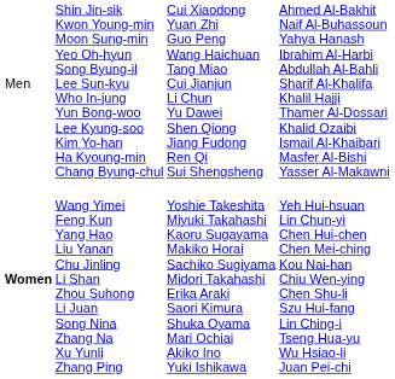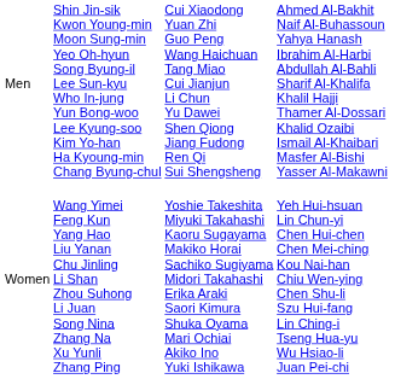 <table>
 <tr>
 <td>Men<br></td>
 <td><br><a href='#'>Shin Jin-sik</a><br><a href='#'>Kwon Young-min</a><br><a href='#'>Moon Sung-min</a><br><a href='#'>Yeo Oh-hyun</a><br><a href='#'>Song Byung-il</a><br><a href='#'>Lee Sun-kyu</a><br><a href='#'>Who In-jung</a><br><a href='#'>Yun Bong-woo</a><br><a href='#'>Lee Kyung-soo</a><br><a href='#'>Kim Yo-han</a><br><a href='#'>Ha Kyoung-min</a><br><a href='#'>Chang Byung-chul</a></td>
 <td><br><a href='#'>Cui Xiaodong</a><br><a href='#'>Yuan Zhi</a><br><a href='#'>Guo Peng</a><br><a href='#'>Wang Haichuan</a><br><a href='#'>Tang Miao</a><br><a href='#'>Cui Jianjun</a><br><a href='#'>Li Chun</a><br><a href='#'>Yu Dawei</a><br><a href='#'>Shen Qiong</a><br><a href='#'>Jiang Fudong</a><br><a href='#'>Ren Qi</a><br><a href='#'>Sui Shengsheng</a></td>
 <td><br><a href='#'>Ahmed Al-Bakhit</a><br><a href='#'>Naif Al-Buhassoun</a><br><a href='#'>Yahya Hanash</a><br><a href='#'>Ibrahim Al-Harbi</a><br><a href='#'>Abdullah Al-Bahli</a><br><a href='#'>Sharif Al-Khalifa</a><br><a href='#'>Khalil Hajji</a><br><a href='#'>Thamer Al-Dossari</a><br><a href='#'>Khalid Ozaibi</a><br><a href='#'>Ismail Al-Khaibari</a><br><a href='#'>Masfer Al-Bishi</a><br><a href='#'>Yasser Al-Makawni</a></td>
 </tr>
 <tr>
-<td><strong>Women<br></strong></td>
+<td>Women<br></td>
 <td><br><a href='#'>Wang Yimei</a><br><a href='#'>Feng Kun</a><br><a href='#'>Yang Hao</a><br><a href='#'>Liu Yanan</a><br><a href='#'>Chu Jinling</a><br><a href='#'>Li Shan</a><br><a href='#'>Zhou Suhong</a><br><a href='#'>Li Juan</a><br><a href='#'>Song Nina</a><br><a href='#'>Zhang Na</a><br><a href='#'>Xu Yunli</a><br><a href='#'>Zhang Ping</a></td>
 <td><br><a href='#'>Yoshie Takeshita</a><br><a href='#'>Miyuki Takahashi</a><br><a href='#'>Kaoru Sugayama</a><br><a href='#'>Makiko Horai</a><br><a href='#'>Sachiko Sugiyama</a><br><a href='#'>Midori Takahashi</a><br><a href='#'>Erika Araki</a><br><a href='#'>Saori Kimura</a><br><a href='#'>Shuka Oyama</a><br><a href='#'>Mari Ochiai</a><br><a href='#'>Akiko Ino</a><br><a href='#'>Yuki Ishikawa</a></td>
 <td><br><a href='#'>Yeh Hui-hsuan</a><br><a href='#'>Lin Chun-yi</a><br><a href='#'>Chen Hui-chen</a><br><a href='#'>Chen Mei-ching</a><br><a href='#'>Kou Nai-han</a><br><a href='#'>Chiu Wen-ying</a><br><a href='#'>Chen Shu-li</a><br><a href='#'>Szu Hui-fang</a><br><a href='#'>Lin Ching-i</a><br><a href='#'>Tseng Hua-yu</a><br><a href='#'>Wu Hsiao-li</a><br><a href='#'>Juan Pei-chi</a></td>
 </tr>
 </table>
